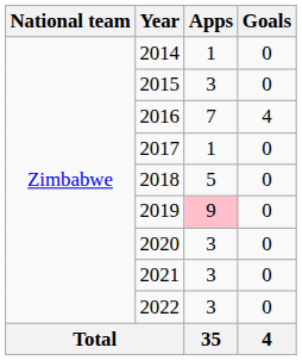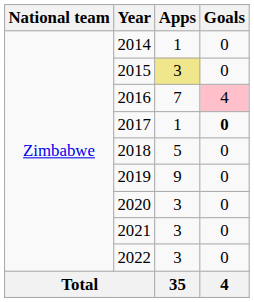 <table class="wikitable" style="text-align:center">
 <tr>
 <th>National team</th>
 <th>Year</th>
 <th>Apps</th>
 <th>Goals</th>
 </tr>
 <tr>
 <td rowspan="9"><a href='#'>Zimbabwe</a></td>
 <td>2014</td>
 <td>1</td>
 <td>0</td>
 </tr>
 <tr>
 <td>2015</td>
-<td>3</td>
+<td style="background: khaki;">3</td>
 <td>0</td>
 </tr>
 <tr>
 <td>2016</td>
 <td>7</td>
-<td>4</td>
+<td style="background: pink;">4</td>
 </tr>
 <tr>
 <td>2017</td>
 <td>1</td>
-<td>0</td>
+<td><strong>0</strong></td>
 </tr>
 <tr>
 <td>2018</td>
 <td>5</td>
 <td>0</td>
 </tr>
 <tr>
 <td>2019</td>
-<td style="background: pink;">9</td>
+<td>9</td>
 <td>0</td>
 </tr>
 <tr>
 <td>2020</td>
 <td>3</td>
 <td>0</td>
 </tr>
 <tr>
 <td>2021</td>
 <td>3</td>
 <td>0</td>
 </tr>
 <tr>
 <td>2022</td>
 <td>3</td>
 <td>0</td>
 </tr>
 <tr>
 <th colspan="2">Total</th>
 <th>35</th>
 <th>4</th>
 </tr>
 </table>
